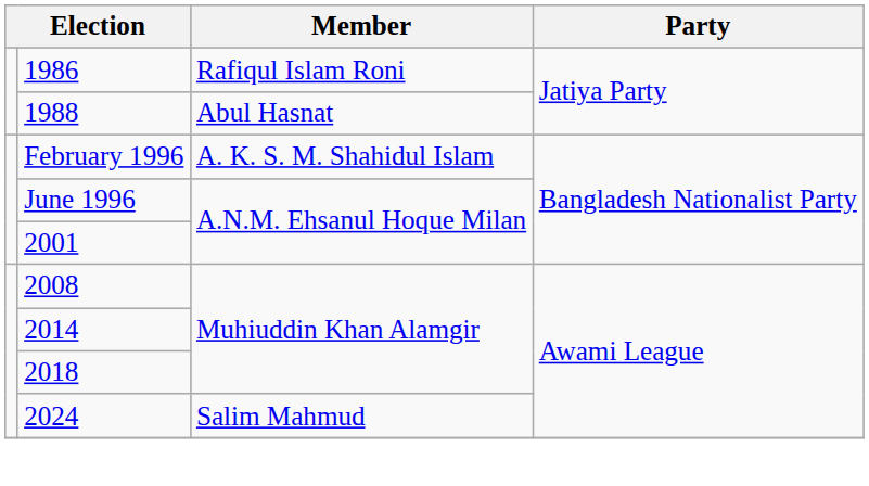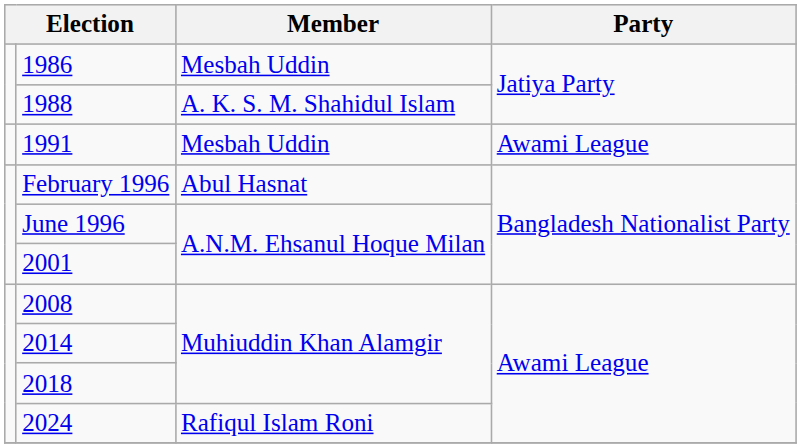 <table class="wikitable">
 <tr>
 <th colspan="2">Election</th>
 <th>Member</th>
 <th>Party</th>
 </tr>
 <tr>
 <td rowspan="2" style="background-color:"></td>
 <td><a href='#'>1986</a></td>
-<td><a href='#'>Rafiqul Islam Roni</a></td>
+<td><a href='#'>Mesbah Uddin</a></td>
 <td rowspan="2"><a href='#'>Jatiya Party</a></td>
 </tr>
 <tr>
 <td><a href='#'>1988</a></td>
-<td><a href='#'>Abul Hasnat</a></td>
+<td><a href='#'>A. K. S. M. Shahidul Islam</a></td>
+</tr>
+<tr>
+<td style="background-color:"></td>
+<td><a href='#'>1991</a></td>
+<td><a href='#'>Mesbah Uddin</a></td>
+<td><a href='#'>Awami League</a></td>
 </tr>
 <tr>
 <td rowspan="3" style="background-color:"></td>
 <td><a href='#'>February 1996</a></td>
-<td><a href='#'>A. K. S. M. Shahidul Islam</a></td>
+<td><a href='#'>Abul Hasnat</a></td>
 <td rowspan="3"><a href='#'>Bangladesh Nationalist Party</a></td>
 </tr>
 <tr>
 <td><a href='#'>June 1996</a></td>
 <td rowspan="2"><a href='#'>A.N.M. Ehsanul Hoque Milan</a></td>
 </tr>
 <tr>
 <td><a href='#'>2001</a></td>
 </tr>
 <tr>
 <td rowspan="4" style="background-color:"></td>
 <td><a href='#'>2008</a></td>
 <td rowspan="3"><a href='#'>Muhiuddin Khan Alamgir</a></td>
 <td rowspan="4"><a href='#'>Awami League</a></td>
 </tr>
 <tr>
 <td><a href='#'>2014</a></td>
 </tr>
 <tr>
 <td><a href='#'>2018</a></td>
 </tr>
 <tr>
 <td><a href='#'>2024</a></td>
-<td><a href='#'>Salim Mahmud</a></td>
+<td><a href='#'>Rafiqul Islam Roni</a></td>
 </tr>
 <tr>
 </tr>
 </table>
